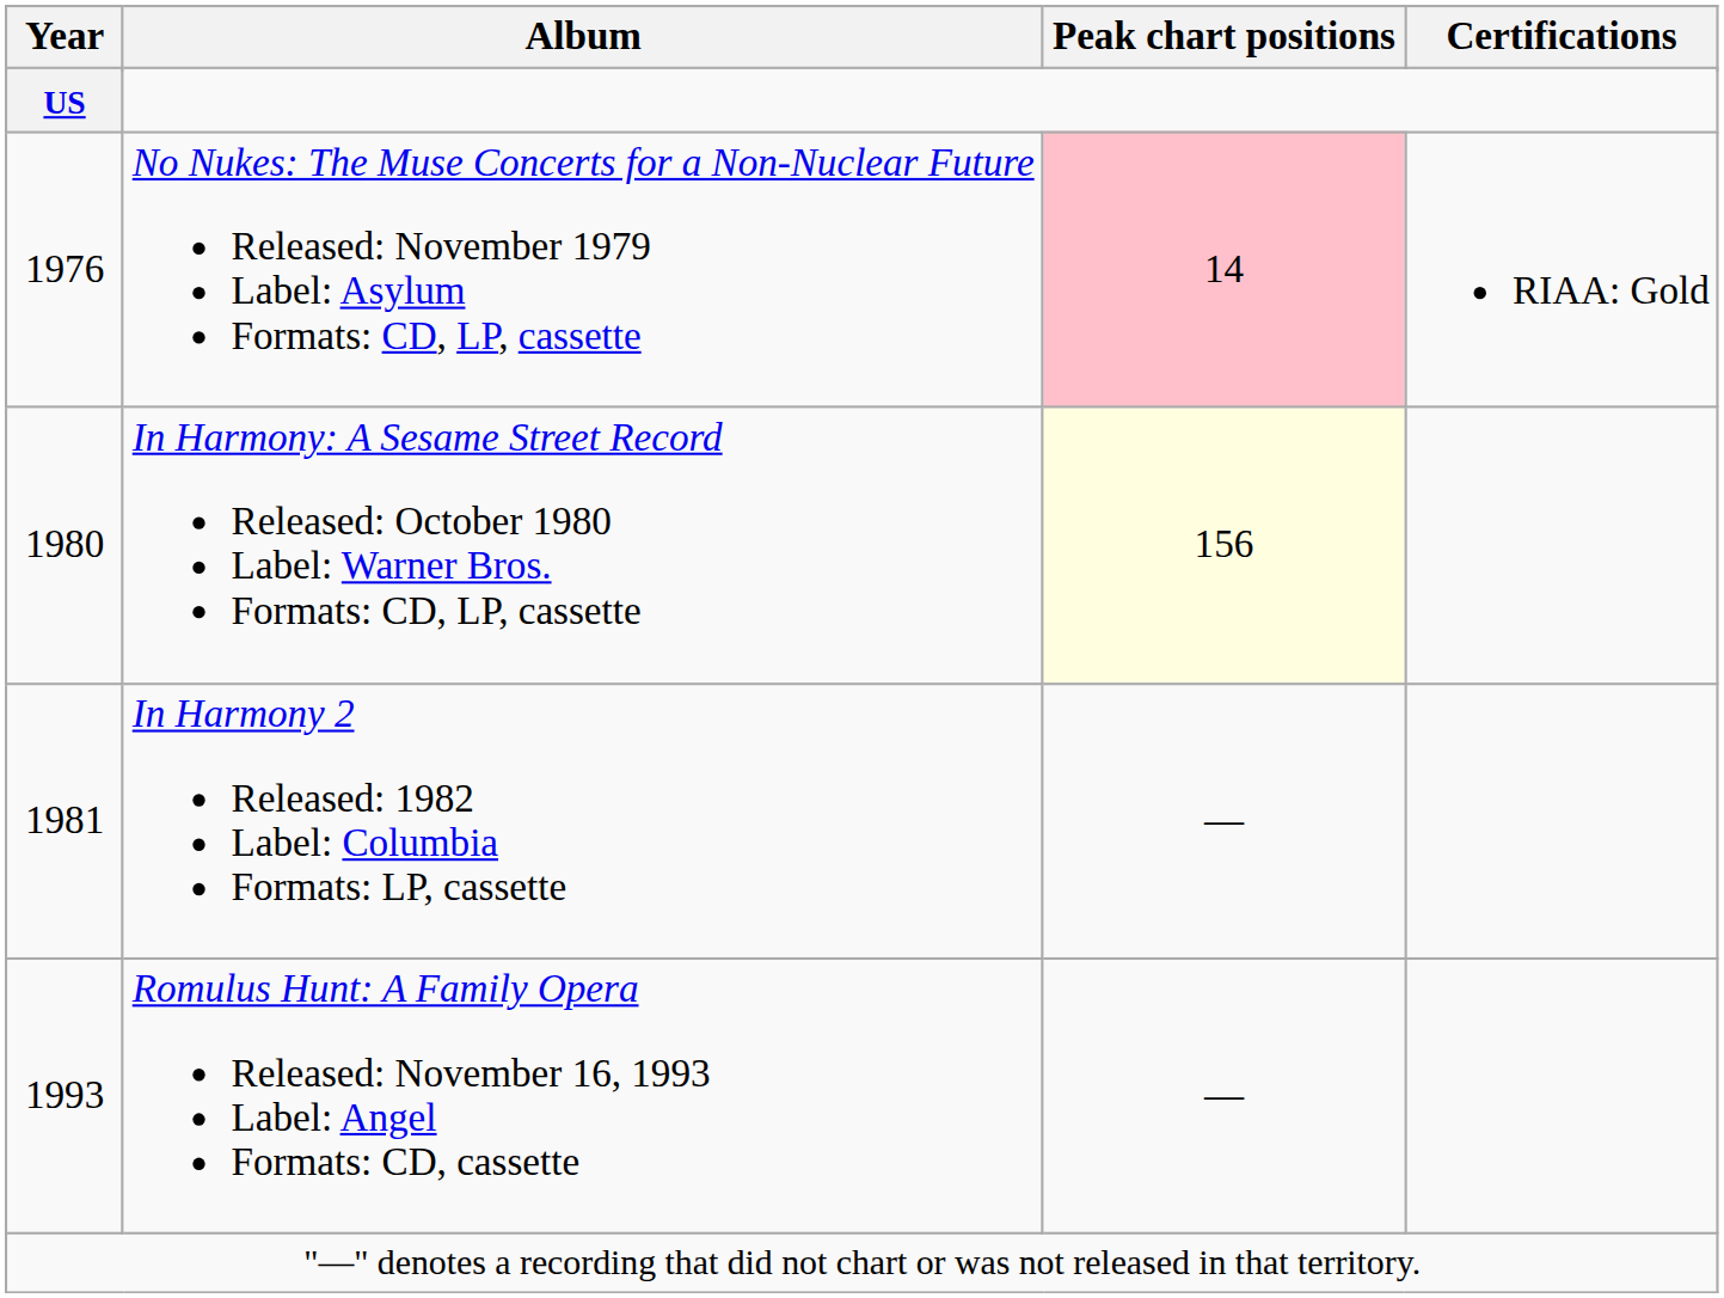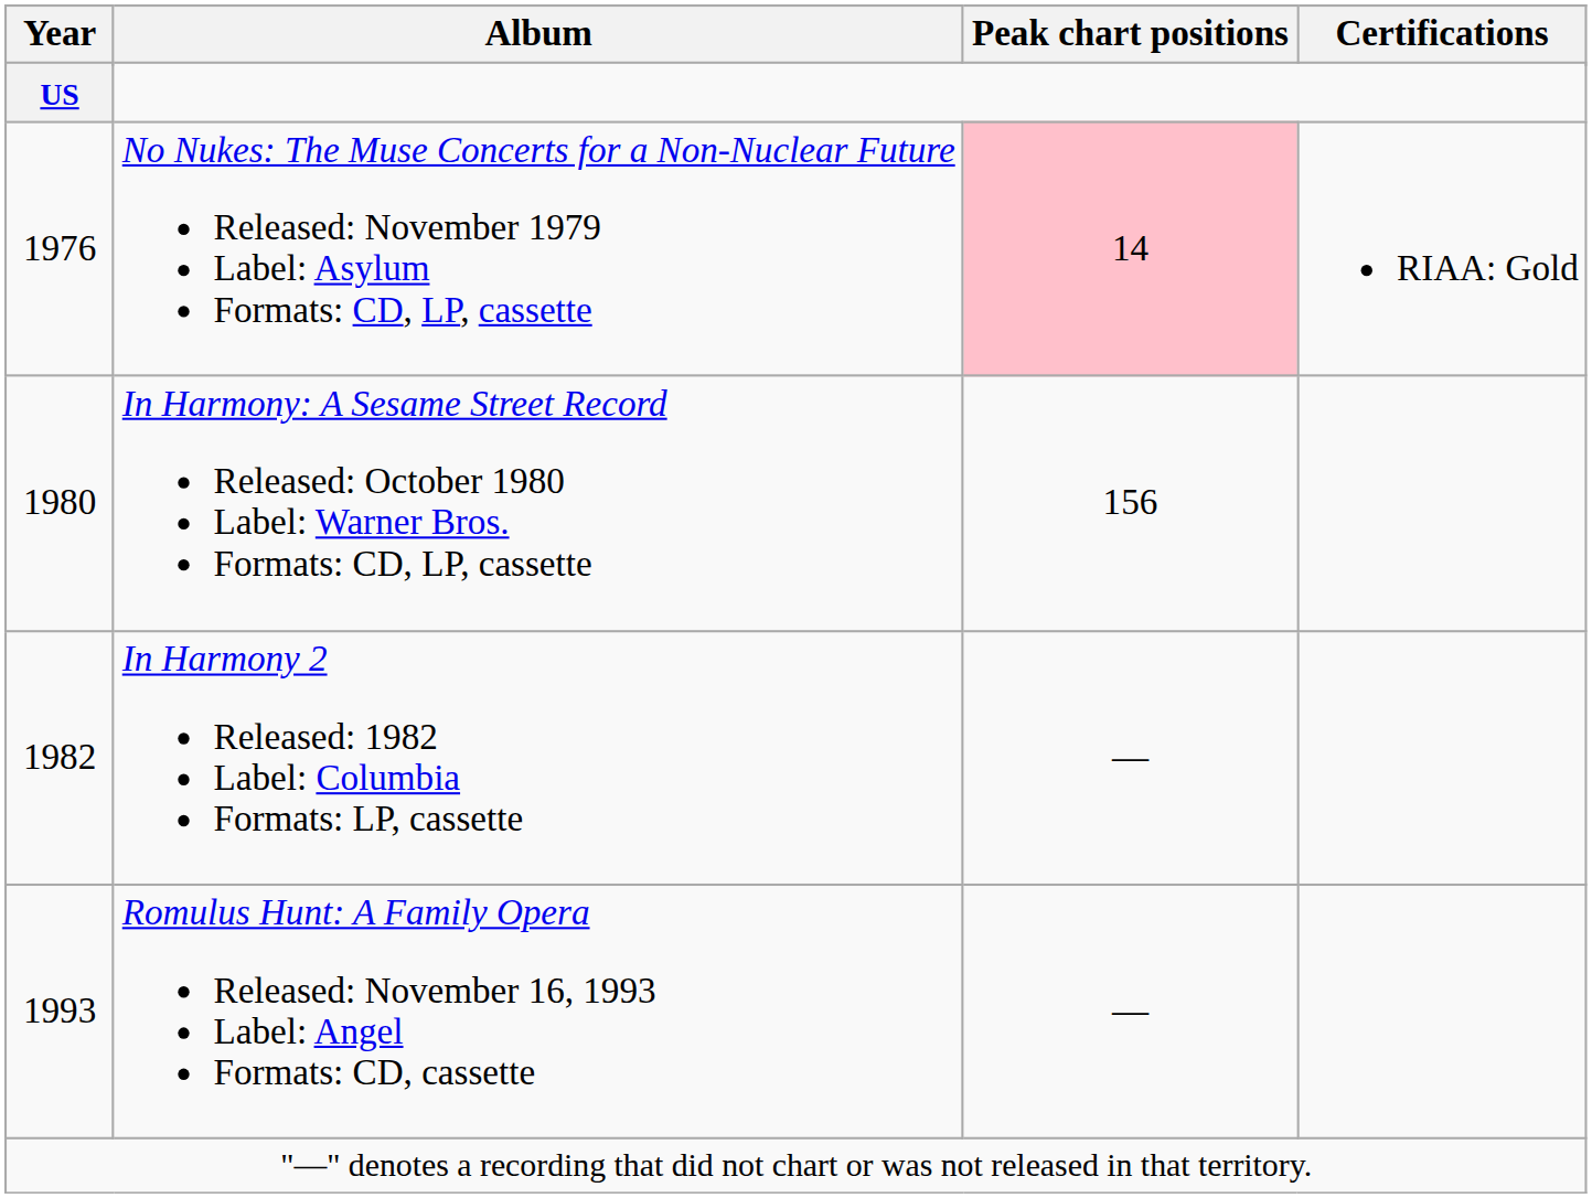 <table class="wikitable" style="text-align:center;">
 <tr>
 <th rowspan="2">Year</th>
 <th rowspan="2">Album</th>
 <th colspan="1">Peak chart positions</th>
 <th rowspan="2">Certifications</th>
 </tr>
 <tr style="font-size:smaller;">
 </tr>
 <tr>
 <th width="40"><small><a href='#'>US</a><br></small></th>
 </tr>
 <tr>
 <td>1976</td>
 <td align=left><em><a href='#'>No Nukes: The Muse Concerts for a Non-Nuclear Future</a></em><br><ul><li>Released: November 1979</li><li>Label: <a href='#'>Asylum</a></li><li>Formats: <a href='#'>CD</a>, <a href='#'>LP</a>, <a href='#'>cassette</a></li></ul></td>
 <td style="background: pink;">14</td>
 <td><br><ul><li>RIAA: Gold</li></ul></td>
 </tr>
 <tr>
 <td>1980</td>
 <td align=left><em><a href='#'>In Harmony: A Sesame Street Record</a></em><br><ul><li>Released: October 1980</li><li>Label: <a href='#'>Warner Bros.</a></li><li>Formats: CD, LP, cassette</li></ul></td>
-<td style="background: lightyellow;">156</td>
+<td>156</td>
 <td></td>
 </tr>
 <tr>
-<td>1981</td>
+<td>1982</td>
 <td align=left><em><a href='#'>In Harmony 2</a></em><br><ul><li>Released: 1982</li><li>Label: <a href='#'>Columbia</a></li><li>Formats: LP, cassette</li></ul></td>
 <td>—</td>
 <td></td>
 </tr>
 <tr>
 <td>1993</td>
 <td align="left"><em><a href='#'>Romulus Hunt: A Family Opera</a></em><br><ul><li>Released: November 16, 1993</li><li>Label: <a href='#'>Angel</a></li><li>Formats: CD, cassette</li></ul></td>
 <td>—</td>
 <td></td>
 </tr>
 <tr>
 <td colspan="15" style="font-size:90%">"—" denotes a recording that did not chart or was not released in that territory.</td>
 </tr>
 </table>
